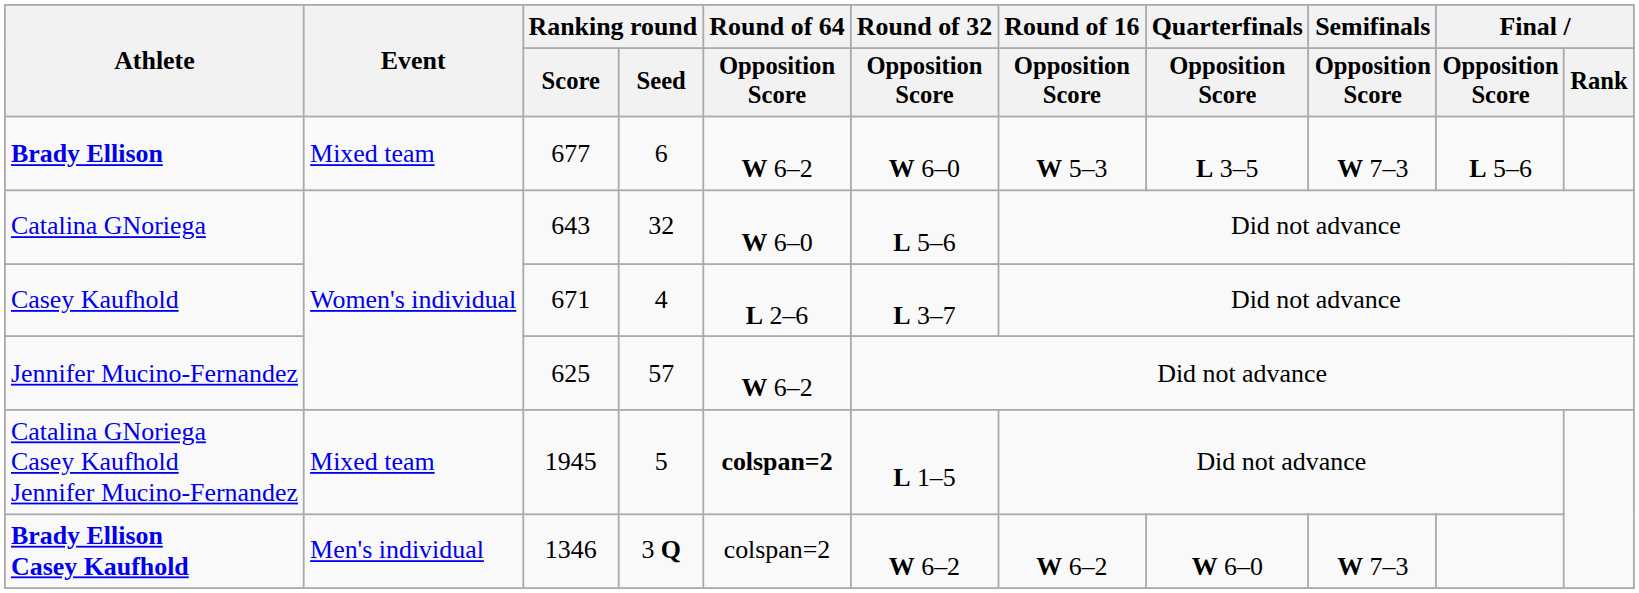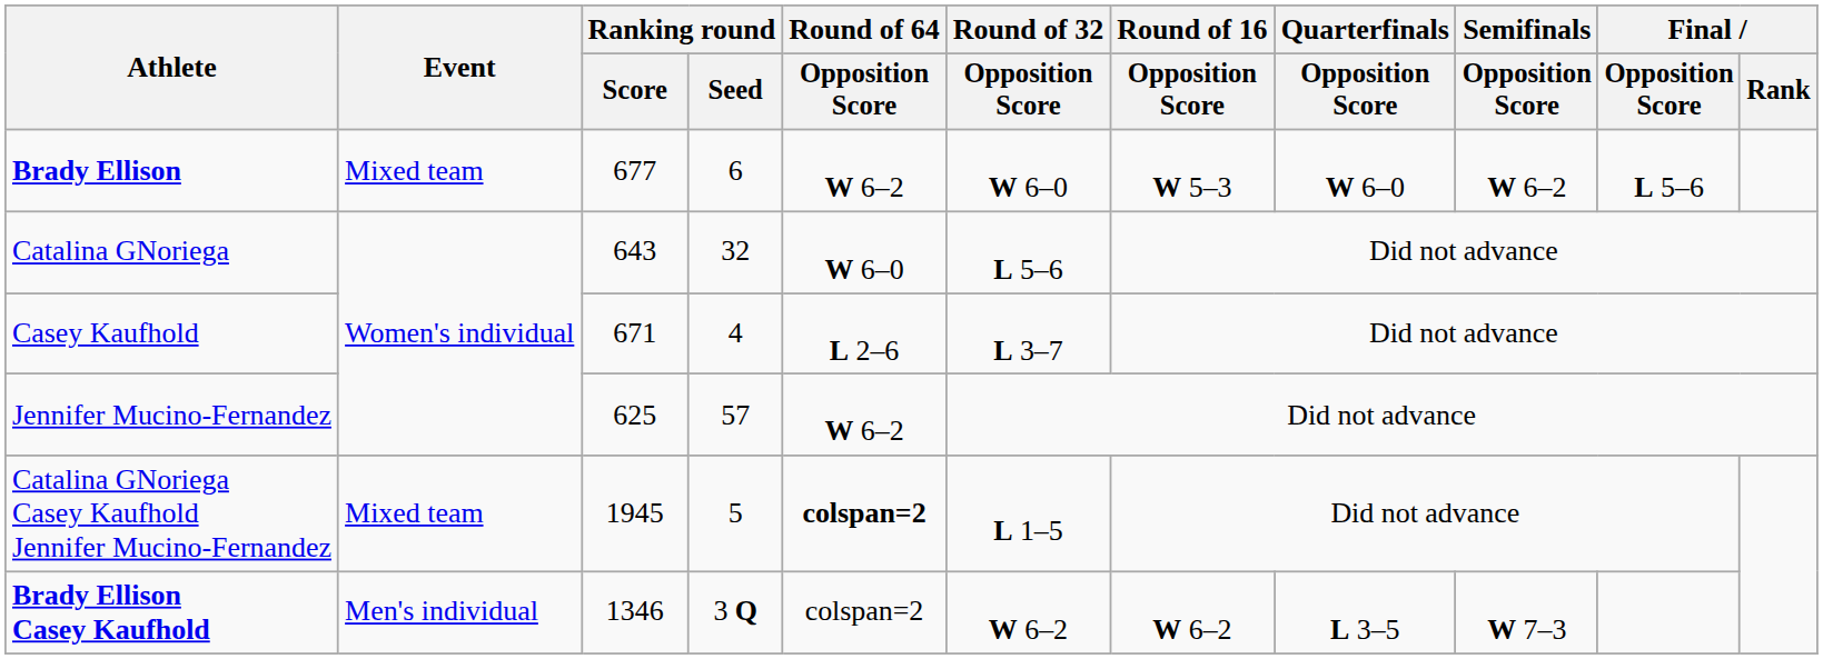 <table class=wikitable style=font-size:90%;text-align:center>
 <tr>
 <th rowspan=2>Athlete</th>
 <th rowspan=2>Event</th>
 <th colspan=2>Ranking round</th>
 <th>Round of 64</th>
 <th>Round of 32</th>
 <th>Round of 16</th>
 <th>Quarterfinals</th>
 <th>Semifinals</th>
 <th colspan=2>Final / </th>
 </tr>
 <tr style="font-size:95%">
 <th>Score</th>
 <th>Seed</th>
 <th>Opposition<br>Score</th>
 <th>Opposition<br>Score</th>
 <th>Opposition<br>Score</th>
 <th>Opposition<br>Score</th>
 <th>Opposition<br>Score</th>
 <th>Opposition<br>Score</th>
 <th>Rank</th>
 </tr>
 <tr>
 <td align=left><strong><a href='#'>Brady Ellison</a></strong></td>
 <td align=left><a href='#'>Mixed team</a></td>
 <td>677</td>
 <td>6</td>
 <td><br><strong>W</strong> 6–2</td>
 <td><br><strong>W</strong> 6–0</td>
 <td><br><strong>W</strong> 5–3</td>
-<td><br><strong>L</strong> 3–5</td>
-<td><br><strong>W</strong> 7–3</td>
+<td><br><strong>W</strong> 6–0</td>
+<td><br><strong>W</strong> 6–2</td>
 <td><br><strong>L</strong> 5–6</td>
 <td></td>
 </tr>
 <tr>
 <td align=left><a href='#'>Catalina GNoriega</a></td>
 <td align=left rowspan=3><a href='#'>Women's individual</a></td>
 <td>643</td>
 <td>32</td>
 <td><br><strong>W</strong> 6–0</td>
 <td><br><strong>L</strong> 5–6</td>
 <td colspan=5>Did not advance</td>
 </tr>
 <tr>
 <td align=left><a href='#'>Casey Kaufhold</a></td>
 <td>671</td>
 <td>4</td>
 <td><br><strong>L</strong> 2–6</td>
 <td><br><strong>L</strong> 3–7</td>
 <td colspan=5>Did not advance</td>
 </tr>
 <tr>
 <td align=left><a href='#'>Jennifer Mucino-Fernandez</a></td>
 <td>625</td>
 <td>57</td>
 <td><br><strong>W</strong> 6–2</td>
 <td colspan=6>Did not advance</td>
 </tr>
 <tr>
 <td align=left><a href='#'>Catalina GNoriega</a><br><a href='#'>Casey Kaufhold</a><br><a href='#'>Jennifer Mucino-Fernandez</a></td>
 <td align=left><a href='#'>Mixed team</a></td>
 <td>1945</td>
 <td>5</td>
 <td><strong>colspan=2 </strong></td>
 <td><br><strong>L</strong> 1–5</td>
 <td colspan=4>Did not advance</td>
 </tr>
 <tr>
 <td align=left><strong><a href='#'>Brady Ellison</a><br><a href='#'>Casey Kaufhold</a></strong></td>
 <td align=left><a href='#'>Men's individual</a></td>
 <td>1346</td>
 <td>3 <strong>Q</strong></td>
 <td>colspan=2 </td>
 <td><br><strong>W</strong> 6–2</td>
 <td><br><strong>W</strong> 6–2</td>
-<td><br><strong>W</strong> 6–0</td>
+<td><br><strong>L</strong> 3–5</td>
 <td><br><strong>W</strong> 7–3</td>
 <td></td>
 </tr>
 </table>
